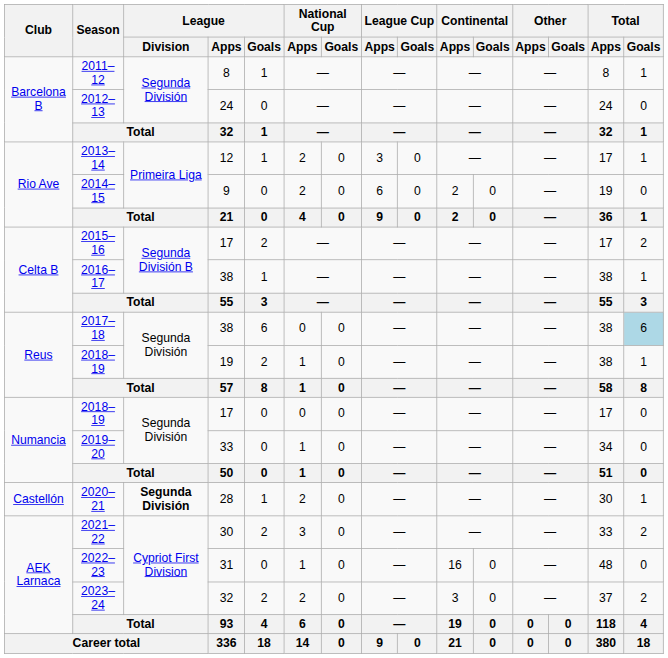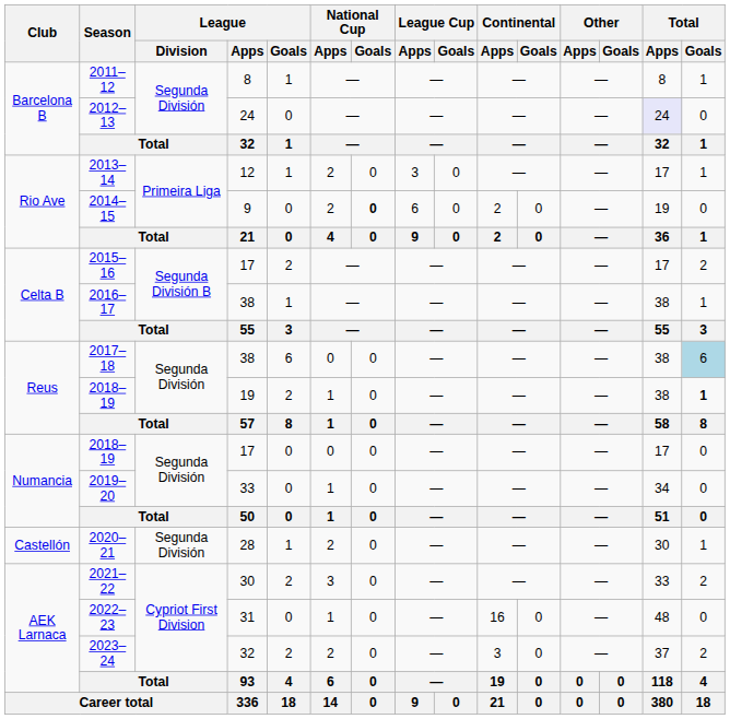 <table class="wikitable" style="text-align:center">
 <tr>
 <th rowspan="2">Club</th>
 <th rowspan="2">Season</th>
 <th colspan="3">League</th>
 <th colspan="2">National Cup</th>
 <th colspan="2">League Cup</th>
 <th colspan="2">Continental</th>
 <th colspan="2">Other</th>
 <th colspan="2">Total</th>
 </tr>
 <tr>
 <th>Division</th>
 <th>Apps</th>
 <th>Goals</th>
 <th>Apps</th>
 <th>Goals</th>
 <th>Apps</th>
 <th>Goals</th>
 <th>Apps</th>
 <th>Goals</th>
 <th>Apps</th>
 <th>Goals</th>
 <th>Apps</th>
 <th>Goals</th>
 </tr>
 <tr>
 <td rowspan="3"><a href='#'>Barcelona B</a></td>
 <td><a href='#'>2011–12</a></td>
 <td rowspan="2"><a href='#'>Segunda División</a></td>
 <td>8</td>
 <td>1</td>
 <td colspan="2">—</td>
 <td colspan="2">—</td>
 <td colspan="2">—</td>
 <td colspan="2">—</td>
 <td>8</td>
 <td>1</td>
 </tr>
 <tr>
 <td><a href='#'>2012–13</a></td>
 <td>24</td>
 <td>0</td>
 <td colspan="2">—</td>
 <td colspan="2">—</td>
 <td colspan="2">—</td>
 <td colspan="2">—</td>
-<td>24</td>
+<td style="background: lavender;">24</td>
 <td>0</td>
 </tr>
 <tr>
 <th colspan="2">Total</th>
 <th>32</th>
 <th>1</th>
 <th colspan="2">—</th>
 <th colspan="2">—</th>
 <th colspan="2">—</th>
 <th colspan="2">—</th>
 <th>32</th>
 <th>1</th>
 </tr>
 <tr>
 <td rowspan="3"><a href='#'>Rio Ave</a></td>
 <td><a href='#'>2013–14</a></td>
 <td rowspan="2"><a href='#'>Primeira Liga</a></td>
 <td>12</td>
 <td>1</td>
 <td>2</td>
 <td>0</td>
 <td>3</td>
 <td>0</td>
 <td colspan="2">—</td>
 <td colspan="2">—</td>
 <td>17</td>
 <td>1</td>
 </tr>
 <tr>
 <td><a href='#'>2014–15</a></td>
 <td>9</td>
 <td>0</td>
 <td>2</td>
-<td>0</td>
+<td><strong>0</strong></td>
 <td>6</td>
 <td>0</td>
 <td>2</td>
 <td>0</td>
 <td colspan="2">—</td>
 <td>19</td>
 <td>0</td>
 </tr>
 <tr>
 <th colspan="2">Total</th>
 <th>21</th>
 <th>0</th>
 <th>4</th>
 <th>0</th>
 <th>9</th>
 <th>0</th>
 <th>2</th>
 <th>0</th>
 <th colspan="2">—</th>
 <th>36</th>
 <th>1</th>
 </tr>
 <tr>
 <td rowspan="3"><a href='#'>Celta B</a></td>
 <td><a href='#'>2015–16</a></td>
 <td rowspan="2"><a href='#'>Segunda División B</a></td>
 <td>17</td>
 <td>2</td>
 <td colspan="2">—</td>
 <td colspan="2">—</td>
 <td colspan="2">—</td>
 <td colspan="2">—</td>
 <td>17</td>
 <td>2</td>
 </tr>
 <tr>
 <td><a href='#'>2016–17</a></td>
 <td>38</td>
 <td>1</td>
 <td colspan="2">—</td>
 <td colspan="2">—</td>
 <td colspan="2">—</td>
 <td colspan="2">—</td>
 <td>38</td>
 <td>1</td>
 </tr>
 <tr>
 <th colspan="2">Total</th>
 <th>55</th>
 <th>3</th>
 <th colspan="2">—</th>
 <th colspan="2">—</th>
 <th colspan="2">—</th>
 <th colspan="2">—</th>
 <th>55</th>
 <th>3</th>
 </tr>
 <tr>
 <td rowspan="3"><a href='#'>Reus</a></td>
 <td><a href='#'>2017–18</a></td>
 <td rowspan="2">Segunda División</td>
 <td>38</td>
 <td>6</td>
 <td>0</td>
 <td>0</td>
 <td colspan="2">—</td>
 <td colspan="2">—</td>
 <td colspan="2">—</td>
 <td>38</td>
 <td style="background: lightblue;">6</td>
 </tr>
 <tr>
 <td><a href='#'>2018–19</a></td>
 <td>19</td>
 <td>2</td>
 <td>1</td>
 <td>0</td>
 <td colspan="2">—</td>
 <td colspan="2">—</td>
 <td colspan="2">—</td>
 <td>38</td>
-<td>1</td>
+<td><strong>1</strong></td>
 </tr>
 <tr>
 <th colspan="2">Total</th>
 <th>57</th>
 <th>8</th>
 <th>1</th>
 <th>0</th>
 <th colspan="2">—</th>
 <th colspan="2">—</th>
 <th colspan="2">—</th>
 <th>58</th>
 <th>8</th>
 </tr>
 <tr>
 <td rowspan="3"><a href='#'>Numancia</a></td>
 <td><a href='#'>2018–19</a></td>
 <td rowspan="2">Segunda División</td>
 <td>17</td>
 <td>0</td>
 <td>0</td>
 <td>0</td>
 <td colspan="2">—</td>
 <td colspan="2">—</td>
 <td colspan="2">—</td>
 <td>17</td>
 <td>0</td>
 </tr>
 <tr>
 <td><a href='#'>2019–20</a></td>
 <td>33</td>
 <td>0</td>
 <td>1</td>
 <td>0</td>
 <td colspan="2">—</td>
 <td colspan="2">—</td>
 <td colspan="2">—</td>
 <td>34</td>
 <td>0</td>
 </tr>
 <tr>
 <th colspan="2">Total</th>
 <th>50</th>
 <th>0</th>
 <th>1</th>
 <th>0</th>
 <th colspan="2">—</th>
 <th colspan="2">—</th>
 <th colspan="2">—</th>
 <th>51</th>
 <th>0</th>
 </tr>
 <tr>
 <td><a href='#'>Castellón</a></td>
 <td><a href='#'>2020–21</a></td>
-<td><strong>Segunda División</strong></td>
+<td>Segunda División</td>
 <td>28</td>
 <td>1</td>
 <td>2</td>
 <td>0</td>
 <td colspan="2">—</td>
 <td colspan="2">—</td>
 <td colspan="2">—</td>
 <td>30</td>
 <td>1</td>
 </tr>
 <tr>
 <td rowspan="4"><a href='#'>AEK Larnaca</a></td>
 <td><a href='#'>2021–22</a></td>
 <td rowspan="3"><a href='#'>Cypriot First Division</a></td>
 <td>30</td>
 <td>2</td>
 <td>3</td>
 <td>0</td>
 <td colspan="2">—</td>
 <td colspan="2">—</td>
 <td colspan="2">—</td>
 <td>33</td>
 <td>2</td>
 </tr>
 <tr>
 <td><a href='#'>2022–23</a></td>
 <td>31</td>
 <td>0</td>
 <td>1</td>
 <td>0</td>
 <td colspan="2">—</td>
 <td>16</td>
 <td>0</td>
 <td colspan="2">—</td>
 <td>48</td>
 <td>0</td>
 </tr>
 <tr>
 <td><a href='#'>2023–24</a></td>
 <td>32</td>
 <td>2</td>
 <td>2</td>
 <td>0</td>
 <td colspan="2">—</td>
 <td>3</td>
 <td>0</td>
 <td colspan="2">—</td>
 <td>37</td>
 <td>2</td>
 </tr>
 <tr>
 <th colspan="2">Total</th>
 <th>93</th>
 <th>4</th>
 <th>6</th>
 <th>0</th>
 <th colspan="2">—</th>
 <th>19</th>
 <th>0</th>
 <th>0</th>
 <th>0</th>
 <th>118</th>
 <th>4</th>
 </tr>
 <tr>
 <th colspan="3">Career total</th>
 <th>336</th>
 <th>18</th>
 <th>14</th>
 <th>0</th>
 <th>9</th>
 <th>0</th>
 <th>21</th>
 <th>0</th>
 <th>0</th>
 <th>0</th>
 <th>380</th>
 <th>18</th>
 </tr>
 </table>
